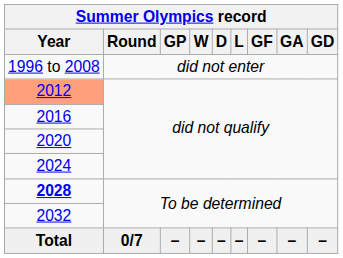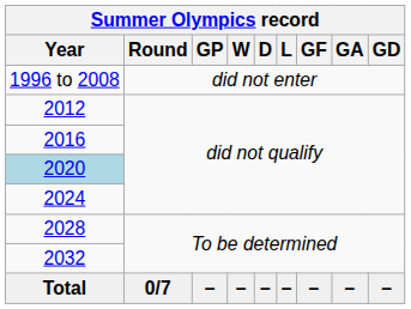 <table class="wikitable" style="text-align: center;">
 <tr>
 <th colspan=9><a href='#'>Summer Olympics</a> record</th>
 </tr>
 <tr>
 <th>Year</th>
 <th>Round</th>
 <th>GP</th>
 <th>W</th>
 <th>D</th>
 <th>L</th>
 <th>GF</th>
 <th>GA</th>
 <th>GD</th>
 </tr>
 <tr>
 <td> <a href='#'>1996</a> to  <a href='#'>2008</a></td>
 <td colspan=8><em>did not enter</em></td>
 </tr>
 <tr>
-<td style="background: lightsalmon;"> <a href='#'>2012</a></td>
+<td> <a href='#'>2012</a></td>
 <td colspan=8 rowspan=4><em>did not qualify</em></td>
 </tr>
 <tr>
 <td> <a href='#'>2016</a></td>
 </tr>
 <tr>
-<td> <a href='#'>2020</a></td>
+<td style="background: lightblue;"> <a href='#'>2020</a></td>
 </tr>
 <tr>
 <td> <a href='#'>2024</a></td>
 </tr>
 <tr>
-<td><strong> <a href='#'>2028</a></strong></td>
+<td> <a href='#'>2028</a></td>
 <td colspan=8 rowspan=2><em>To be determined</em></td>
 </tr>
 <tr>
 <td> <a href='#'>2032</a></td>
 </tr>
 <tr style="background:#f0f0f0;font-weight:bold;">
 <td>Total</td>
 <td>0/7</td>
 <td>–</td>
 <td>–</td>
 <td>–</td>
 <td>–</td>
 <td>–</td>
 <td>–</td>
 <td>–</td>
 </tr>
 </table>
